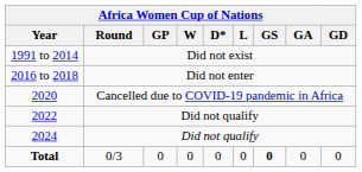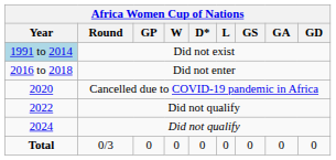 <table class="wikitable" style="text-align: center; width:50%;">
 <tr>
 <th colspan=10><a href='#'>Africa Women Cup of Nations</a></th>
 </tr>
 <tr>
 <th>Year</th>
 <th>Round</th>
 <th>GP</th>
 <th>W</th>
 <th>D*</th>
 <th>L</th>
 <th>GS</th>
 <th>GA</th>
 <th>GD</th>
 </tr>
 <tr>
-<td><a href='#'>1991</a> to  <a href='#'>2014</a></td>
+<td style="background: lightblue;"><a href='#'>1991</a> to  <a href='#'>2014</a></td>
 <td colspan=8>Did not exist</td>
 </tr>
 <tr>
 <td> <a href='#'>2016</a> to  <a href='#'>2018</a></td>
 <td colspan=8>Did not enter</td>
 </tr>
 <tr>
 <td><a href='#'>2020</a></td>
 <td colspan=8>Cancelled due to <a href='#'>COVID-19 pandemic in Africa</a></td>
 </tr>
 <tr>
 <td> <a href='#'>2022</a></td>
 <td colspan=8>Did not qualify</td>
 </tr>
 <tr>
 <td> <a href='#'>2024</a></td>
 <td colspan=8><em>Did not qualify</em></td>
 </tr>
 <tr>
 <td><strong>Total</strong></td>
 <td>0/3</td>
 <td>0</td>
 <td>0</td>
 <td>0</td>
 <td>0</td>
-<td><strong>0</strong></td>
+<td>0</td>
 <td>0</td>
 <td>0</td>
 </tr>
 </table>
